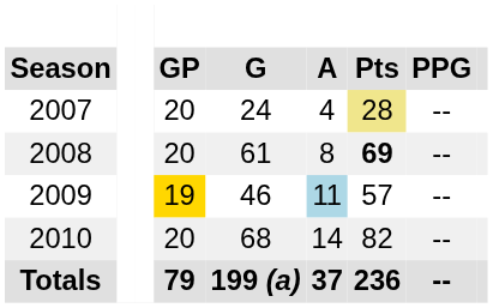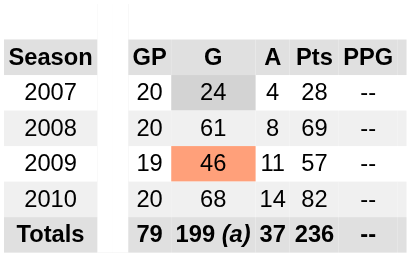 <table BORDER="0" CELLPADDING="3" CELLSPACING="0">
 <tr ALIGN="center" bgcolor="#e0e0e0">
 <th colspan="1" bgcolor="#ffffff"> </th>
 <th rowspan="99" bgcolor="#ffffff"> </th>
 <th rowspan="99" bgcolor="#ffffff"> </th>
 </tr>
 <tr ALIGN="center" bgcolor="#e0e0e0">
 <th>Season</th>
 <th>GP</th>
 <th>G</th>
 <th>A</th>
 <th>Pts</th>
 <th>PPG</th>
 <th></th>
 </tr>
 <tr ALIGN="center">
 <td>2007</td>
 <td>20</td>
-<td>24</td>
+<td style="background: lightgrey;">24</td>
 <td>4</td>
-<td style="background: khaki;">28</td>
+<td>28</td>
 <td>--</td>
 <td></td>
 </tr>
 <tr ALIGN="center" bgcolor="#f0f0f0">
 <td>2008</td>
 <td>20</td>
 <td>61</td>
 <td>8</td>
-<td><strong>69</strong></td>
+<td>69</td>
 <td>--</td>
 <td></td>
 </tr>
 <tr ALIGN="center">
 <td>2009</td>
-<td style="background: gold;">19</td>
-<td>46</td>
-<td style="background: lightblue;">11</td>
+<td>19</td>
+<td style="background: lightsalmon;">46</td>
+<td>11</td>
 <td>57</td>
 <td>--</td>
 <td></td>
 </tr>
 <tr ALIGN="center" bgcolor="#f0f0f0">
 <td>2010</td>
 <td>20</td>
 <td>68</td>
 <td>14</td>
 <td>82</td>
 <td>--</td>
 <td></td>
 </tr>
 <tr ALIGN="center" bgcolor="#e0e0e0">
 <th colspan="1.5">Totals</th>
 <th>79</th>
 <th>199 <em>(a)</em></th>
 <th>37</th>
 <th>236</th>
 <th>--</th>
 <th></th>
 </tr>
 </table>
